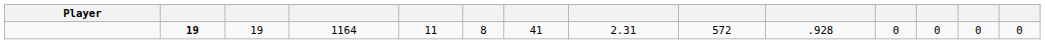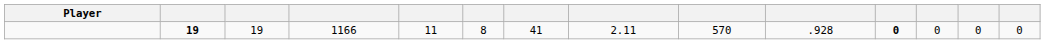 <table class="wikitable sortable" style="width:100%; text-align:center;">
 <tr style="text-align:center; background:#ddd;">
 <th>Player</th>
 <th></th>
 <th></th>
 <th></th>
 <th></th>
 <th></th>
 <th></th>
 <th></th>
 <th></th>
 <th></th>
 <th></th>
 <th></th>
 <th></th>
 <th></th>
 </tr>
 <tr align=center>
 <td style=white-space:nowrap></td>
 <td><strong>19</strong></td>
 <td>19</td>
-<td>1164</td>
+<td>1166</td>
 <td>11</td>
 <td>8</td>
 <td>41</td>
-<td>2.31</td>
-<td>572</td>
+<td>2.11</td>
+<td>570</td>
 <td>.928</td>
-<td>0</td>
+<td><strong>0</strong></td>
 <td>0</td>
 <td>0</td>
 <td>0</td>
 </tr>
 </table>
